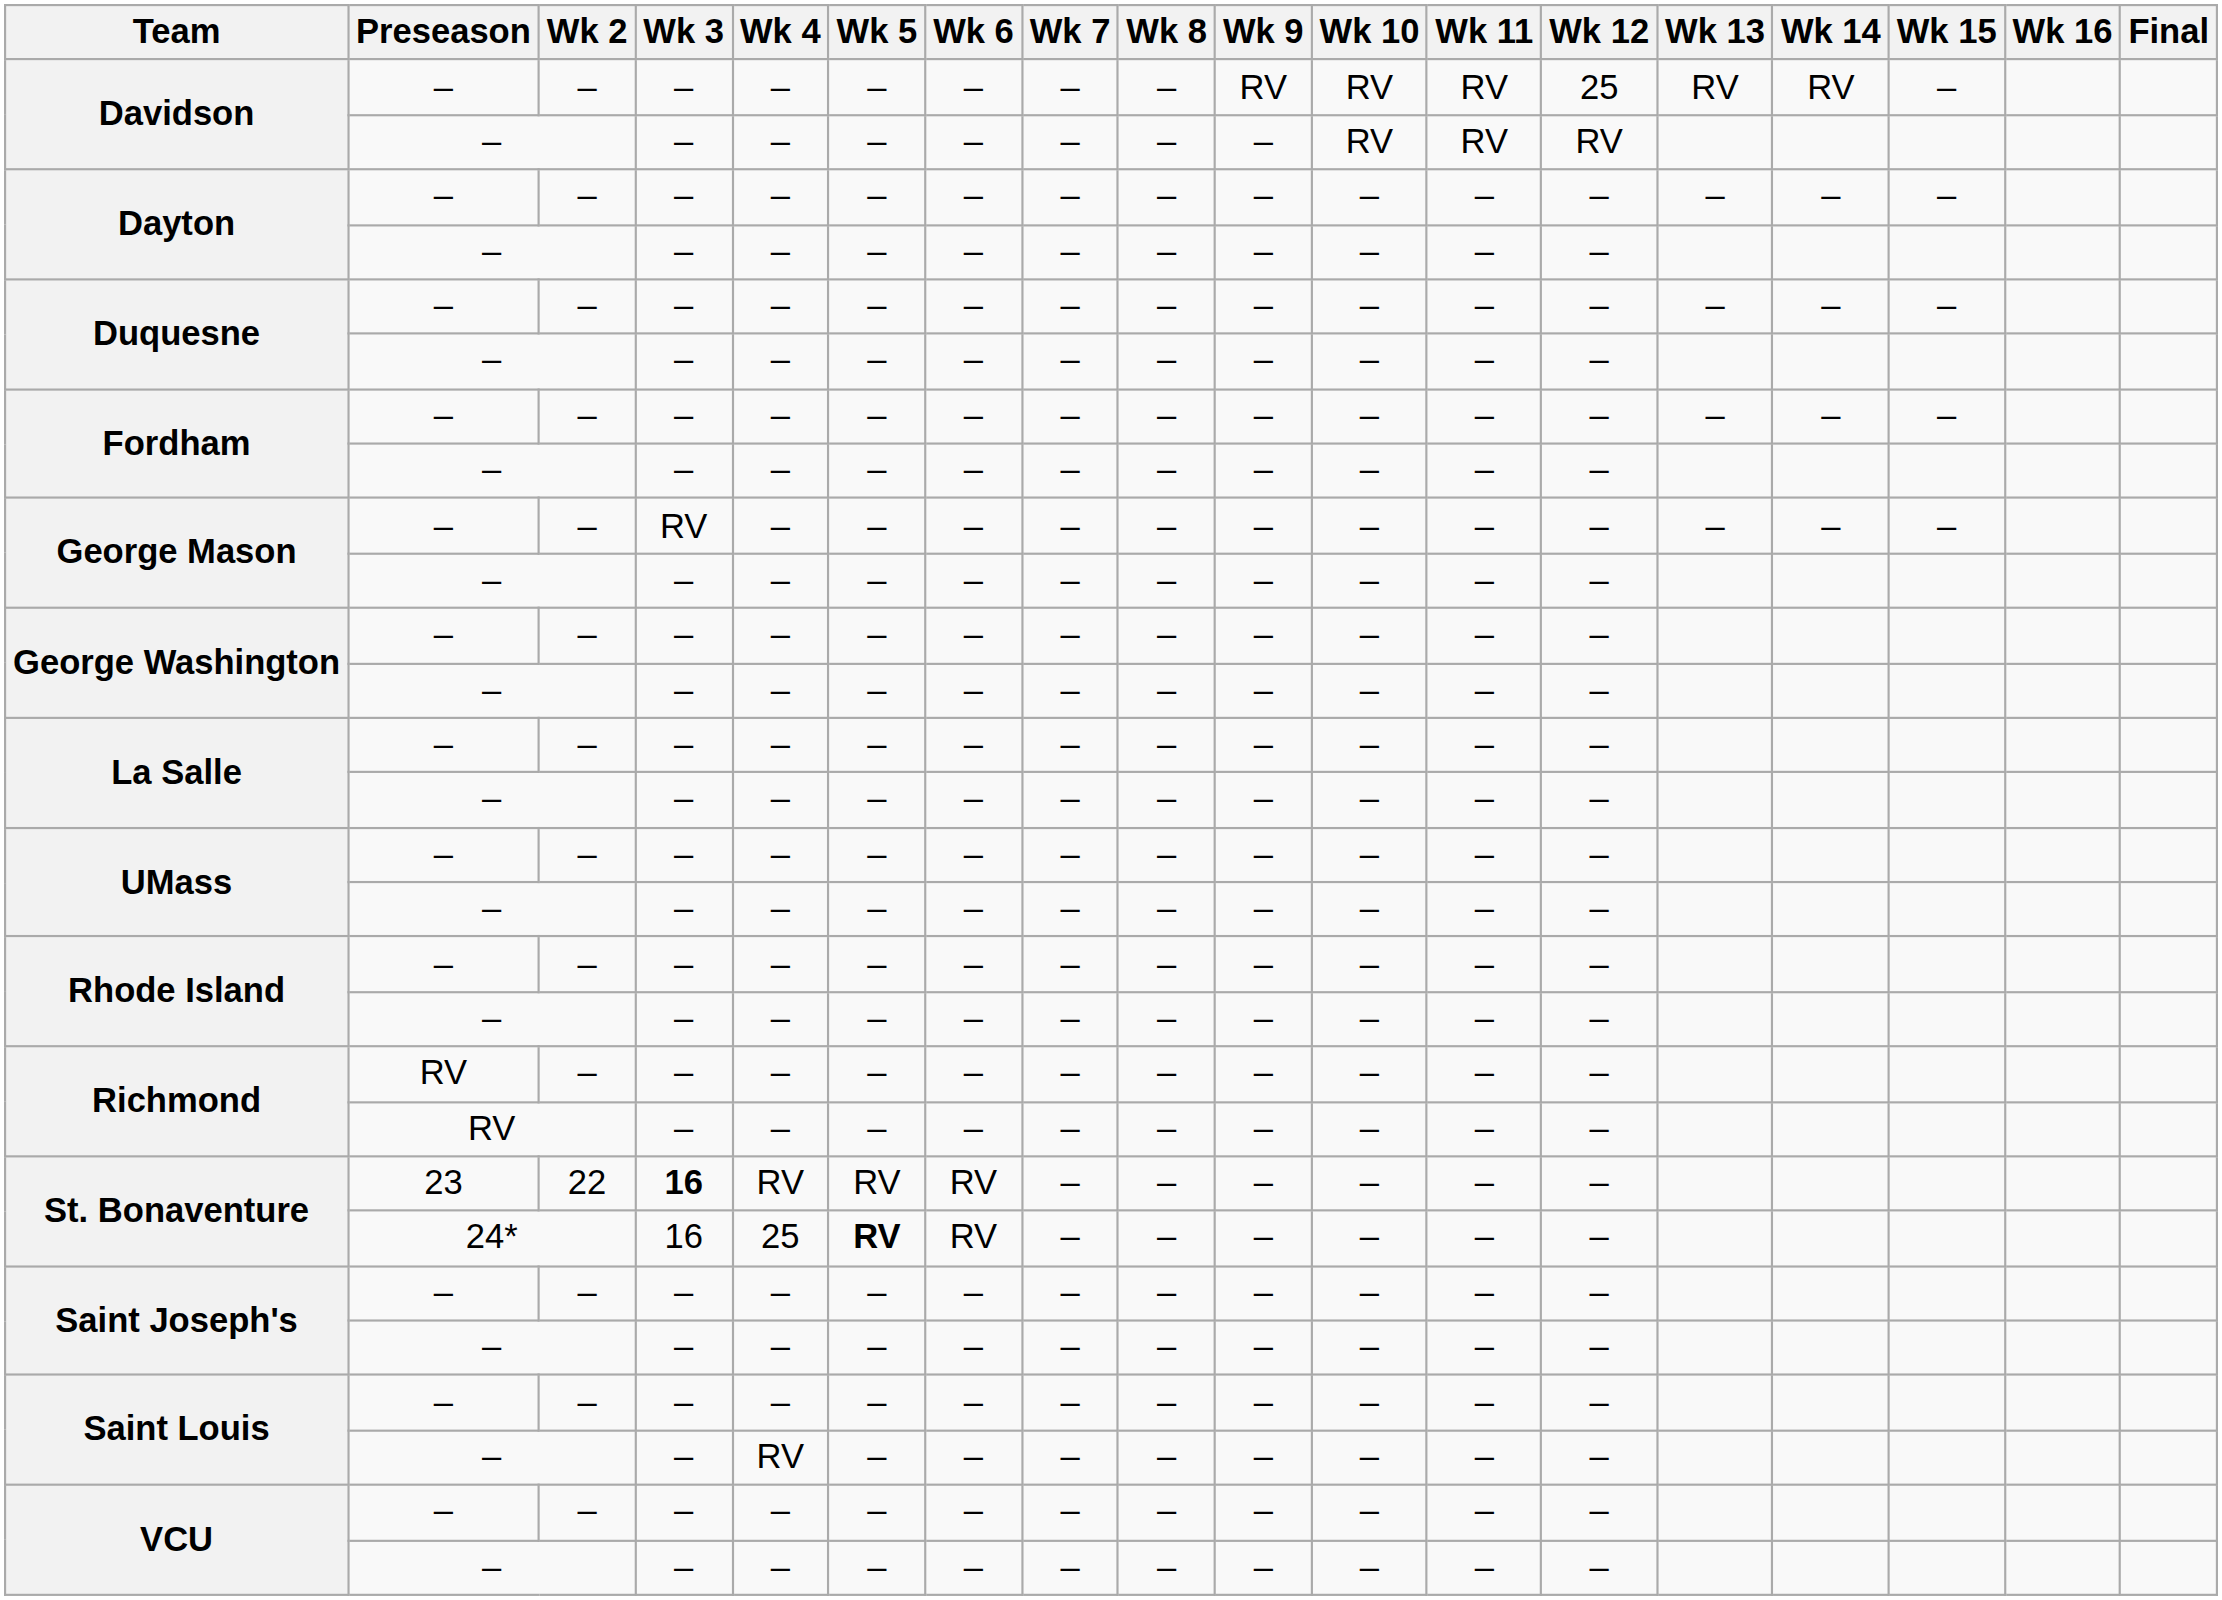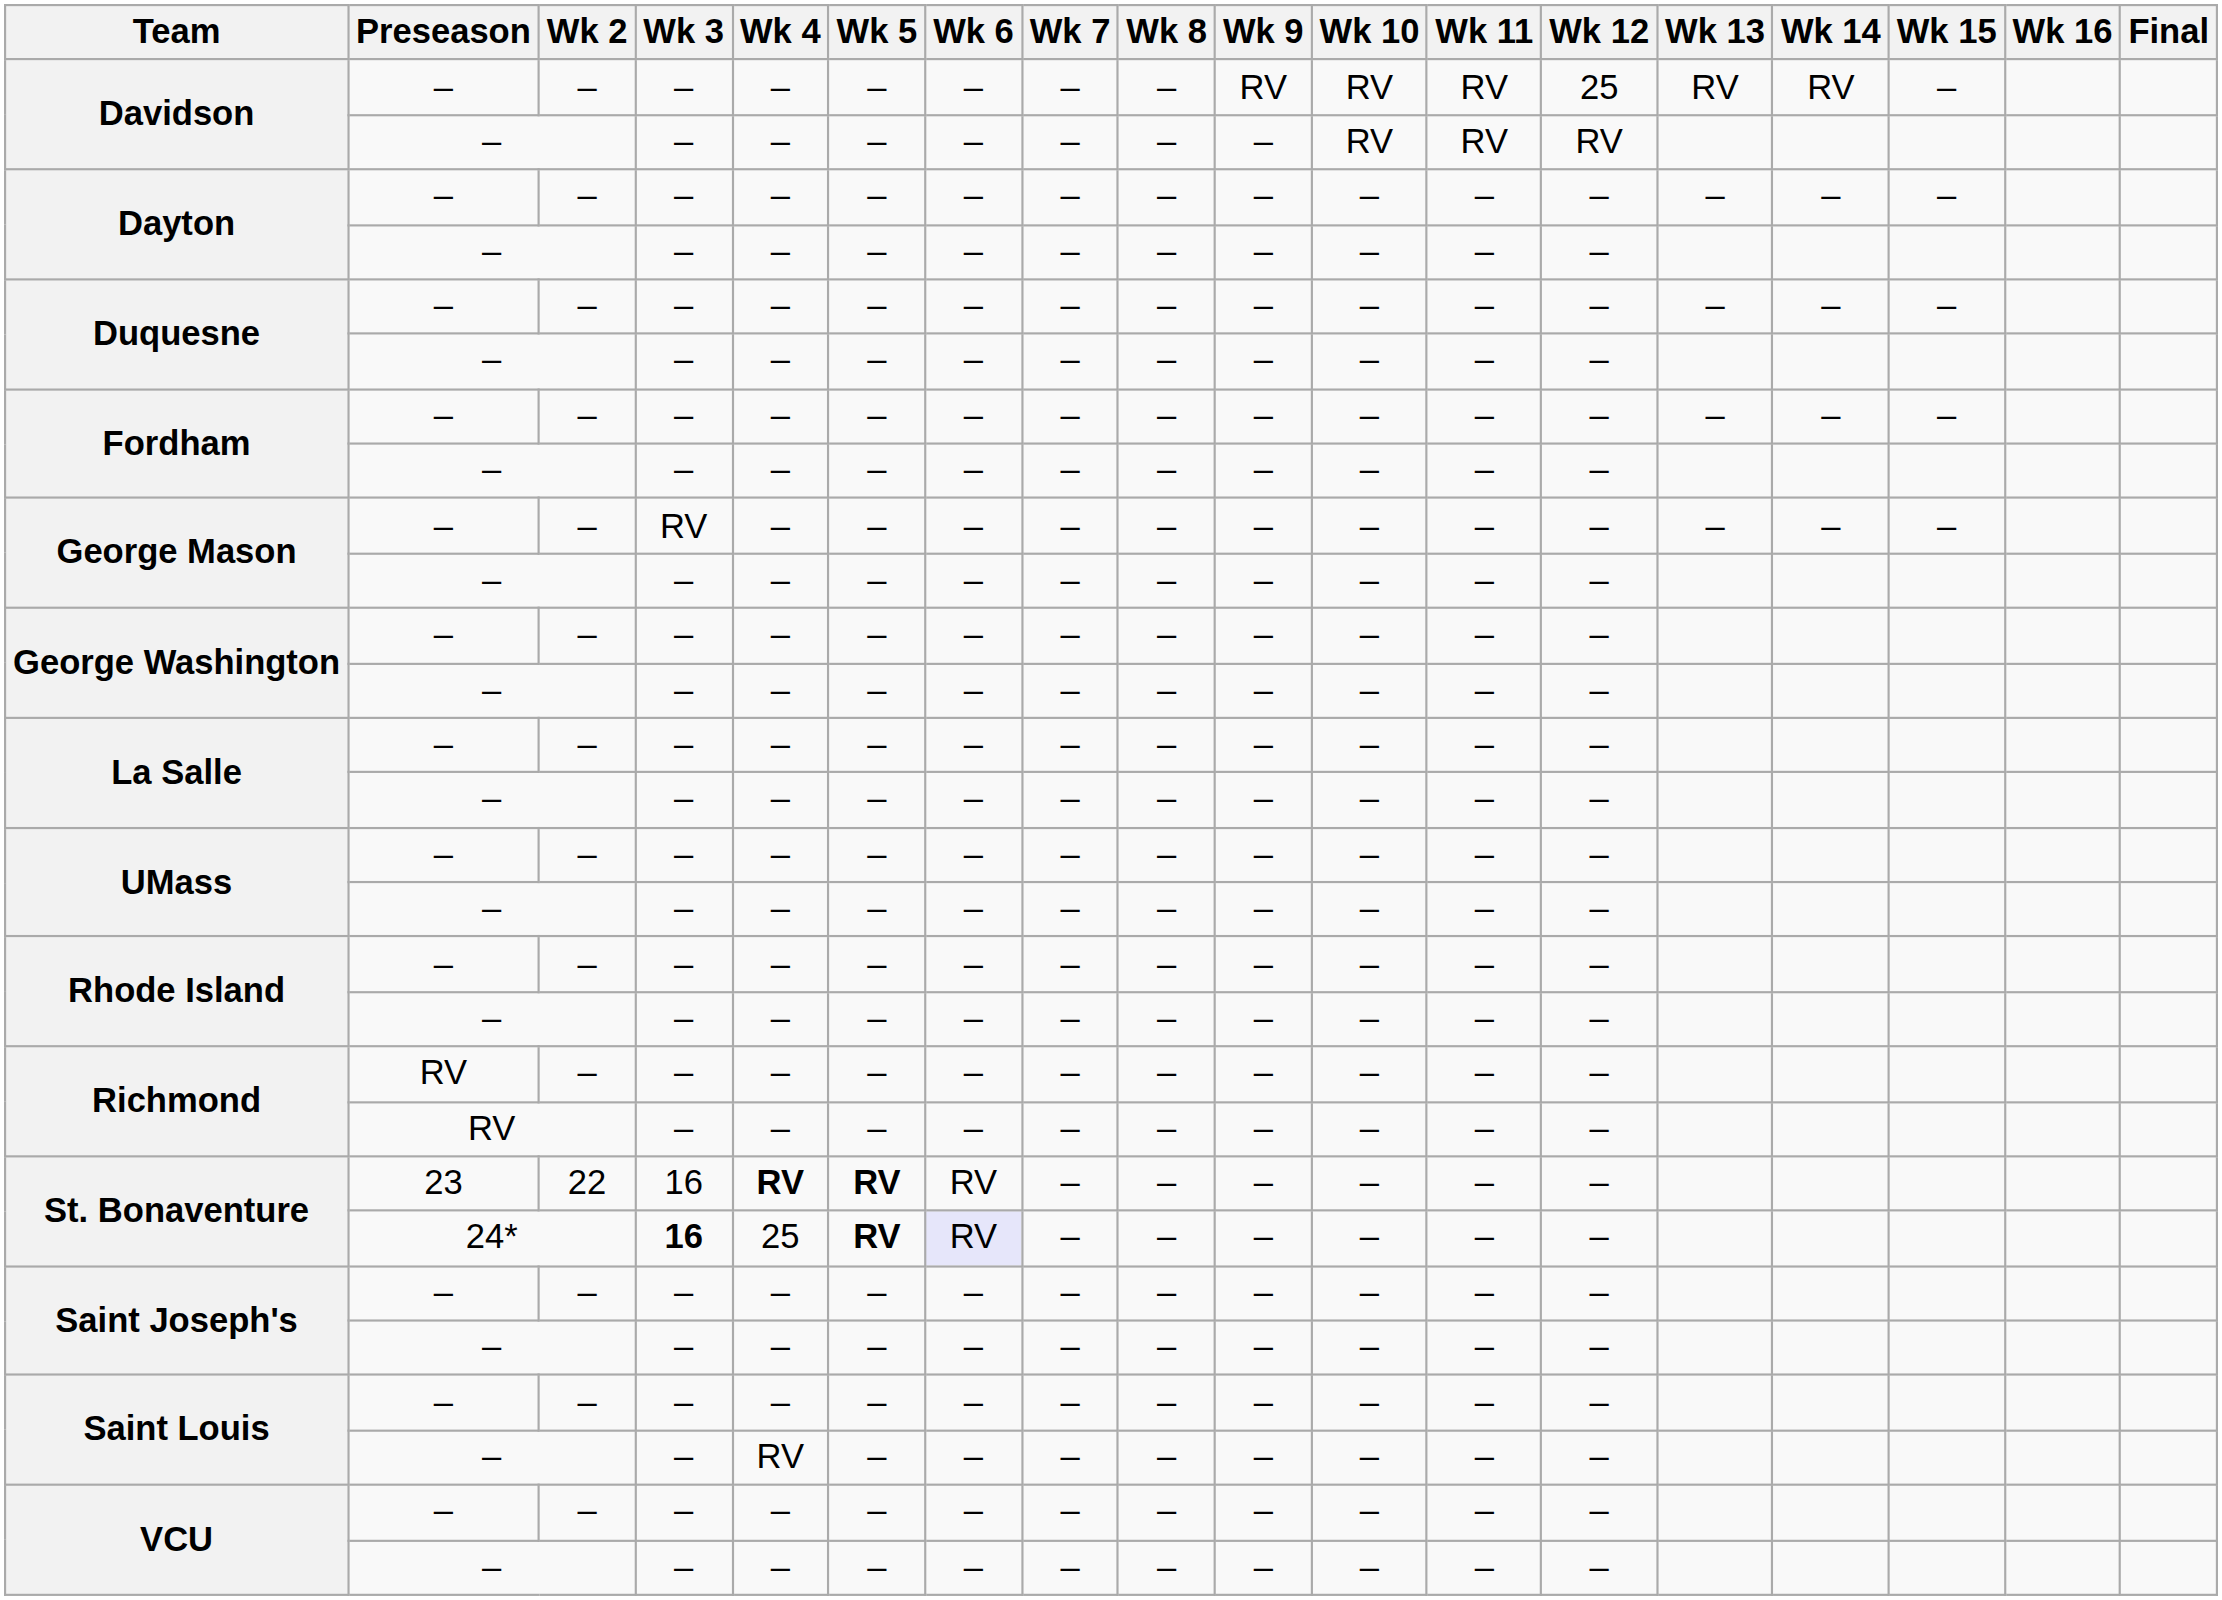 <table class="wikitable" style="text-align:center">
 <tr>
 <th>Team</th>
 <th>Preseason</th>
 <th>Wk 2</th>
 <th>Wk 3</th>
 <th>Wk 4</th>
 <th>Wk 5</th>
 <th>Wk 6</th>
 <th>Wk 7</th>
 <th>Wk 8</th>
 <th>Wk 9</th>
 <th>Wk 10</th>
 <th>Wk 11</th>
 <th>Wk 12</th>
 <th>Wk 13</th>
 <th>Wk 14</th>
 <th>Wk 15</th>
 <th>Wk 16</th>
 <th>Final</th>
 </tr>
 <tr>
 <th rowspan="2">Davidson</th>
 <td>–</td>
 <td>–</td>
 <td>–</td>
 <td>–</td>
 <td>–</td>
 <td>–</td>
 <td>–</td>
 <td>–</td>
 <td>RV</td>
 <td>RV</td>
 <td>RV</td>
 <td>25</td>
 <td>RV</td>
 <td>RV</td>
 <td>–</td>
 <td></td>
 <td></td>
 </tr>
 <tr>
 <td colspan="2">–</td>
 <td>–</td>
 <td>–</td>
 <td>–</td>
 <td>–</td>
 <td>–</td>
 <td>–</td>
 <td>–</td>
 <td>RV</td>
 <td>RV</td>
 <td>RV</td>
 <td></td>
 <td></td>
 <td></td>
 <td></td>
 <td></td>
 </tr>
 <tr>
 <th rowspan="2">Dayton</th>
 <td>–</td>
 <td>–</td>
 <td>–</td>
 <td>–</td>
 <td>–</td>
 <td>–</td>
 <td>–</td>
 <td>–</td>
 <td>–</td>
 <td>–</td>
 <td>–</td>
 <td>–</td>
 <td>–</td>
 <td>–</td>
 <td>–</td>
 <td></td>
 <td></td>
 </tr>
 <tr>
 <td colspan="2">–</td>
 <td>–</td>
 <td>–</td>
 <td>–</td>
 <td>–</td>
 <td>–</td>
 <td>–</td>
 <td>–</td>
 <td>–</td>
 <td>–</td>
 <td>–</td>
 <td></td>
 <td></td>
 <td></td>
 <td></td>
 <td></td>
 </tr>
 <tr>
 <th rowspan="2">Duquesne</th>
 <td>–</td>
 <td>–</td>
 <td>–</td>
 <td>–</td>
 <td>–</td>
 <td>–</td>
 <td>–</td>
 <td>–</td>
 <td>–</td>
 <td>–</td>
 <td>–</td>
 <td>–</td>
 <td>–</td>
 <td>–</td>
 <td>–</td>
 <td></td>
 <td></td>
 </tr>
 <tr>
 <td colspan="2">–</td>
 <td>–</td>
 <td>–</td>
 <td>–</td>
 <td>–</td>
 <td>–</td>
 <td>–</td>
 <td>–</td>
 <td>–</td>
 <td>–</td>
 <td>–</td>
 <td></td>
 <td></td>
 <td></td>
 <td></td>
 <td></td>
 </tr>
 <tr>
 <th rowspan="2">Fordham</th>
 <td>–</td>
 <td>–</td>
 <td>–</td>
 <td>–</td>
 <td>–</td>
 <td>–</td>
 <td>–</td>
 <td>–</td>
 <td>–</td>
 <td>–</td>
 <td>–</td>
 <td>–</td>
 <td>–</td>
 <td>–</td>
 <td>–</td>
 <td></td>
 <td></td>
 </tr>
 <tr>
 <td colspan="2">–</td>
 <td>–</td>
 <td>–</td>
 <td>–</td>
 <td>–</td>
 <td>–</td>
 <td>–</td>
 <td>–</td>
 <td>–</td>
 <td>–</td>
 <td>–</td>
 <td></td>
 <td></td>
 <td></td>
 <td></td>
 <td></td>
 </tr>
 <tr>
 <th rowspan="2">George Mason</th>
 <td>–</td>
 <td>–</td>
 <td>RV</td>
 <td>–</td>
 <td>–</td>
 <td>–</td>
 <td>–</td>
 <td>–</td>
 <td>–</td>
 <td>–</td>
 <td>–</td>
 <td>–</td>
 <td>–</td>
 <td>–</td>
 <td>–</td>
 <td></td>
 <td></td>
 </tr>
 <tr>
 <td colspan="2">–</td>
 <td>–</td>
 <td>–</td>
 <td>–</td>
 <td>–</td>
 <td>–</td>
 <td>–</td>
 <td>–</td>
 <td>–</td>
 <td>–</td>
 <td>–</td>
 <td></td>
 <td></td>
 <td></td>
 <td></td>
 <td></td>
 </tr>
 <tr>
 <th rowspan="2">George Washington</th>
 <td>–</td>
 <td>–</td>
 <td>–</td>
 <td>–</td>
 <td>–</td>
 <td>–</td>
 <td>–</td>
 <td>–</td>
 <td>–</td>
 <td>–</td>
 <td>–</td>
 <td>–</td>
 <td></td>
 <td></td>
 <td></td>
 <td></td>
 <td></td>
 </tr>
 <tr>
 <td colspan="2">–</td>
 <td>–</td>
 <td>–</td>
 <td>–</td>
 <td>–</td>
 <td>–</td>
 <td>–</td>
 <td>–</td>
 <td>–</td>
 <td>–</td>
 <td>–</td>
 <td></td>
 <td></td>
 <td></td>
 <td></td>
 <td></td>
 </tr>
 <tr>
 <th rowspan="2">La Salle</th>
 <td>–</td>
 <td>–</td>
 <td>–</td>
 <td>–</td>
 <td>–</td>
 <td>–</td>
 <td>–</td>
 <td>–</td>
 <td>–</td>
 <td>–</td>
 <td>–</td>
 <td>–</td>
 <td></td>
 <td></td>
 <td></td>
 <td></td>
 <td></td>
 </tr>
 <tr>
 <td colspan="2">–</td>
 <td>–</td>
 <td>–</td>
 <td>–</td>
 <td>–</td>
 <td>–</td>
 <td>–</td>
 <td>–</td>
 <td>–</td>
 <td>–</td>
 <td>–</td>
 <td></td>
 <td></td>
 <td></td>
 <td></td>
 <td></td>
 </tr>
 <tr>
 <th rowspan="2">UMass</th>
 <td>–</td>
 <td>–</td>
 <td>–</td>
 <td>–</td>
 <td>–</td>
 <td>–</td>
 <td>–</td>
 <td>–</td>
 <td>–</td>
 <td>–</td>
 <td>–</td>
 <td>–</td>
 <td></td>
 <td></td>
 <td></td>
 <td></td>
 <td></td>
 </tr>
 <tr>
 <td colspan="2">–</td>
 <td>–</td>
 <td>–</td>
 <td>–</td>
 <td>–</td>
 <td>–</td>
 <td>–</td>
 <td>–</td>
 <td>–</td>
 <td>–</td>
 <td>–</td>
 <td></td>
 <td></td>
 <td></td>
 <td></td>
 <td></td>
 </tr>
 <tr>
 <th rowspan="2">Rhode Island</th>
 <td>–</td>
 <td>–</td>
 <td>–</td>
 <td>–</td>
 <td>–</td>
 <td>–</td>
 <td>–</td>
 <td>–</td>
 <td>–</td>
 <td>–</td>
 <td>–</td>
 <td>–</td>
 <td></td>
 <td></td>
 <td></td>
 <td></td>
 <td></td>
 </tr>
 <tr>
 <td colspan="2">–</td>
 <td>–</td>
 <td>–</td>
 <td>–</td>
 <td>–</td>
 <td>–</td>
 <td>–</td>
 <td>–</td>
 <td>–</td>
 <td>–</td>
 <td>–</td>
 <td></td>
 <td></td>
 <td></td>
 <td></td>
 <td></td>
 </tr>
 <tr>
 <th rowspan="2">Richmond</th>
 <td>RV</td>
 <td>–</td>
 <td>–</td>
 <td>–</td>
 <td>–</td>
 <td>–</td>
 <td>–</td>
 <td>–</td>
 <td>–</td>
 <td>–</td>
 <td>–</td>
 <td>–</td>
 <td></td>
 <td></td>
 <td></td>
 <td></td>
 <td></td>
 </tr>
 <tr>
 <td colspan="2">RV</td>
 <td>–</td>
 <td>–</td>
 <td>–</td>
 <td>–</td>
 <td>–</td>
 <td>–</td>
 <td>–</td>
 <td>–</td>
 <td>–</td>
 <td>–</td>
 <td></td>
 <td></td>
 <td></td>
 <td></td>
 <td></td>
 </tr>
 <tr>
 <th rowspan="2">St. Bonaventure</th>
 <td>23</td>
 <td>22</td>
-<td><strong>16</strong></td>
-<td>RV</td>
-<td>RV</td>
+<td>16</td>
+<td><strong>RV</strong></td>
+<td><strong>RV</strong></td>
 <td>RV</td>
 <td>–</td>
 <td>–</td>
 <td>–</td>
 <td>–</td>
 <td>–</td>
 <td>–</td>
 <td></td>
 <td></td>
 <td></td>
 <td></td>
 <td></td>
 </tr>
 <tr>
 <td colspan="2">24*</td>
-<td>16</td>
+<td><strong>16</strong></td>
 <td>25</td>
 <td><strong>RV</strong></td>
-<td>RV</td>
+<td style="background: lavender;">RV</td>
 <td>–</td>
 <td>–</td>
 <td>–</td>
 <td>–</td>
 <td>–</td>
 <td>–</td>
 <td></td>
 <td></td>
 <td></td>
 <td></td>
 <td></td>
 </tr>
 <tr>
 <th rowspan="2">Saint Joseph's</th>
 <td>–</td>
 <td>–</td>
 <td>–</td>
 <td>–</td>
 <td>–</td>
 <td>–</td>
 <td>–</td>
 <td>–</td>
 <td>–</td>
 <td>–</td>
 <td>–</td>
 <td>–</td>
 <td></td>
 <td></td>
 <td></td>
 <td></td>
 <td></td>
 </tr>
 <tr>
 <td colspan="2">–</td>
 <td>–</td>
 <td>–</td>
 <td>–</td>
 <td>–</td>
 <td>–</td>
 <td>–</td>
 <td>–</td>
 <td>–</td>
 <td>–</td>
 <td>–</td>
 <td></td>
 <td></td>
 <td></td>
 <td></td>
 <td></td>
 </tr>
 <tr>
 <th rowspan="2">Saint Louis</th>
 <td>–</td>
 <td>–</td>
 <td>–</td>
 <td>–</td>
 <td>–</td>
 <td>–</td>
 <td>–</td>
 <td>–</td>
 <td>–</td>
 <td>–</td>
 <td>–</td>
 <td>–</td>
 <td></td>
 <td></td>
 <td></td>
 <td></td>
 <td></td>
 </tr>
 <tr>
 <td colspan="2">–</td>
 <td>–</td>
 <td>RV</td>
 <td>–</td>
 <td>–</td>
 <td>–</td>
 <td>–</td>
 <td>–</td>
 <td>–</td>
 <td>–</td>
 <td>–</td>
 <td></td>
 <td></td>
 <td></td>
 <td></td>
 <td></td>
 </tr>
 <tr>
 <th rowspan="2">VCU</th>
 <td>–</td>
 <td>–</td>
 <td>–</td>
 <td>–</td>
 <td>–</td>
 <td>–</td>
 <td>–</td>
 <td>–</td>
 <td>–</td>
 <td>–</td>
 <td>–</td>
 <td>–</td>
 <td></td>
 <td></td>
 <td></td>
 <td></td>
 <td></td>
 </tr>
 <tr>
 <td colspan="2">–</td>
 <td>–</td>
 <td>–</td>
 <td>–</td>
 <td>–</td>
 <td>–</td>
 <td>–</td>
 <td>–</td>
 <td>–</td>
 <td>–</td>
 <td>–</td>
 <td></td>
 <td></td>
 <td></td>
 <td></td>
 <td></td>
 </tr>
 </table>
